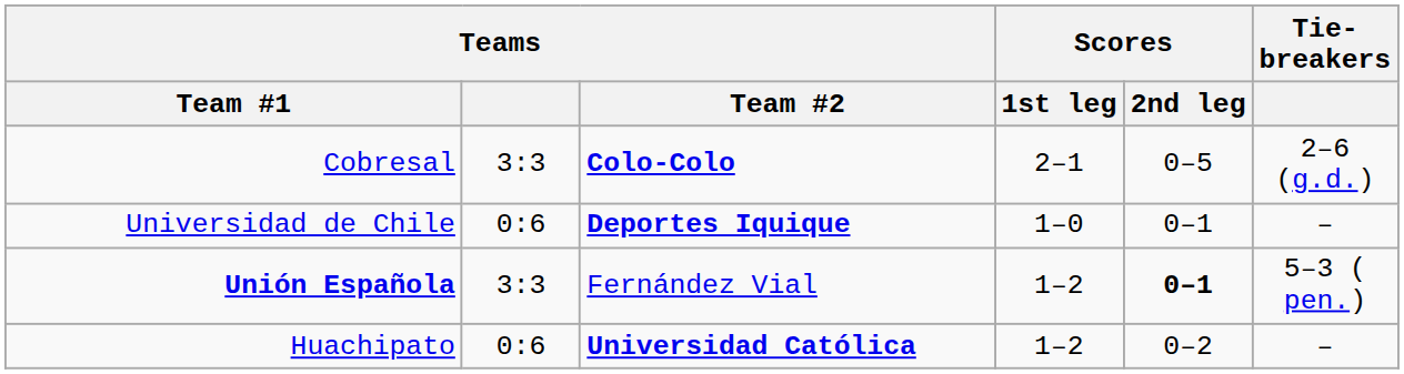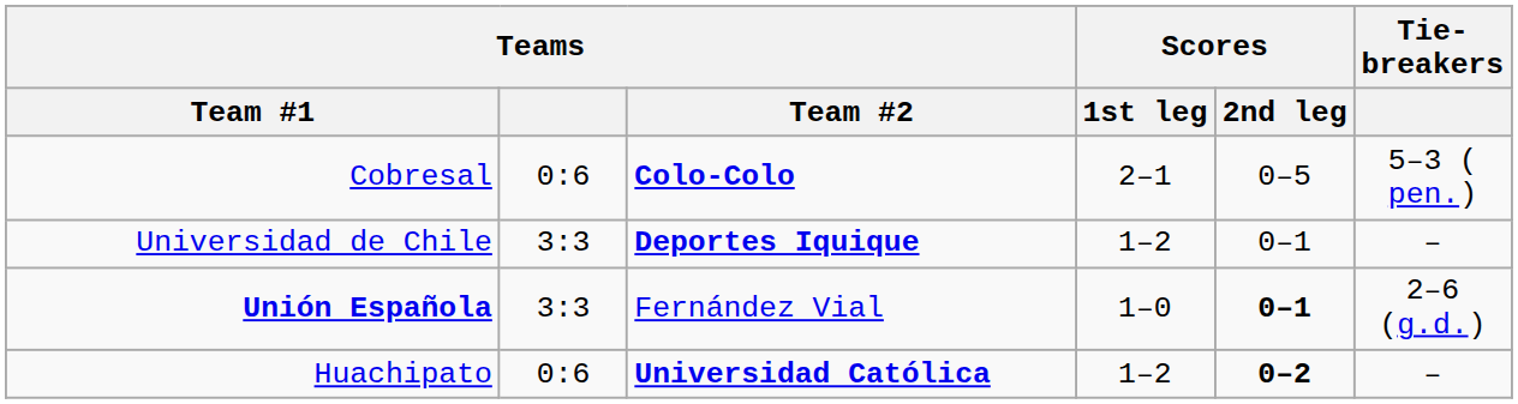 <table class="wikitable" style="text-align: center;">
 <tr>
 <th colspan=3>Teams</th>
 <th colspan=2>Scores</th>
 <th colspan=3>Tie-breakers</th>
 </tr>
 <tr>
 <th width="210">Team #1</th>
 <th width="50"></th>
 <th width="190">Team #2</th>
 <th width="55">1st leg</th>
 <th width="55">2nd leg</th>
 <th width="50"></th>
 </tr>
 <tr>
 <td align=right><a href='#'>Cobresal</a></td>
-<td>3:3</td>
+<td>0:6</td>
 <td align=left><strong><a href='#'>Colo-Colo</a></strong></td>
 <td>2–1</td>
 <td>0–5</td>
-<td>2–6 (<a href='#'>g.d.</a>)</td>
+<td>5–3 (<a href='#'> pen.</a>)</td>
 </tr>
 <tr>
 <td align=right><a href='#'>Universidad de Chile</a></td>
-<td>0:6</td>
+<td>3:3</td>
 <td align=left><strong><a href='#'>Deportes Iquique</a></strong></td>
-<td>1–0</td>
+<td>1–2</td>
 <td>0–1</td>
 <td>–</td>
 </tr>
 <tr>
 <td align=right><strong><a href='#'>Unión Española</a></strong></td>
 <td>3:3</td>
 <td align=left><a href='#'>Fernández Vial</a></td>
-<td>1–2</td>
+<td>1–0</td>
 <td><strong>0–1</strong></td>
-<td>5–3 (<a href='#'> pen.</a>)</td>
+<td>2–6 (<a href='#'>g.d.</a>)</td>
 </tr>
 <tr>
 <td align=right><a href='#'>Huachipato</a></td>
 <td>0:6</td>
 <td align=left><strong><a href='#'>Universidad Católica</a></strong></td>
 <td>1–2</td>
-<td>0–2</td>
+<td><strong>0–2</strong></td>
 <td>–</td>
 </tr>
 </table>
